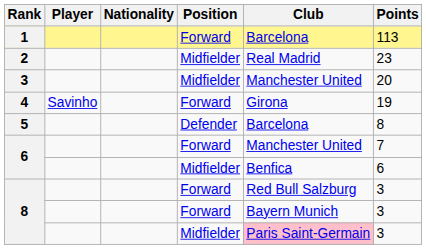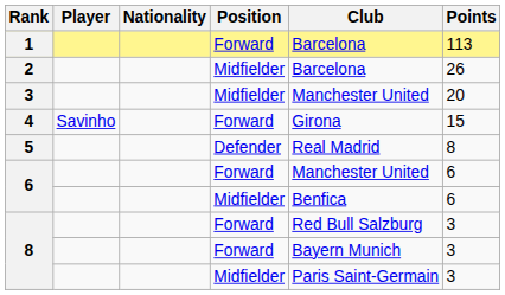 <table class="wikitable sortable">
 <tr>
 <th scope="col">Rank</th>
 <th scope="col">Player</th>
 <th scope="col">Nationality</th>
 <th scope="col">Position</th>
 <th scope="col">Club</th>
 <th scope="col">Points</th>
 </tr>
 <tr style="background-color:#FFF68F">
 <th scope="row">1</th>
 <td><strong></strong></td>
 <td></td>
 <td><a href='#'>Forward</a></td>
 <td> <a href='#'>Barcelona</a></td>
 <td>113</td>
 </tr>
 <tr>
 <th scope="row">2</th>
 <td></td>
 <td></td>
 <td><a href='#'>Midfielder</a></td>
-<td> <a href='#'>Real Madrid</a></td>
-<td>23</td>
+<td> <a href='#'>Barcelona</a></td>
+<td>26</td>
 </tr>
 <tr>
 <th scope="row">3</th>
 <td></td>
 <td></td>
 <td><a href='#'>Midfielder</a></td>
 <td> <a href='#'>Manchester United</a></td>
 <td>20</td>
 </tr>
 <tr>
 <th scope="row">4</th>
 <td><a href='#'>Savinho</a></td>
 <td></td>
 <td><a href='#'>Forward</a></td>
 <td> <a href='#'>Girona</a></td>
-<td>19</td>
+<td>15</td>
 </tr>
 <tr>
 <th scope="row">5</th>
 <td></td>
 <td></td>
 <td><a href='#'>Defender</a></td>
-<td> <a href='#'>Barcelona</a></td>
+<td> <a href='#'>Real Madrid</a></td>
 <td>8</td>
 </tr>
 <tr>
 <th scope="row" rowspan="2">6</th>
 <td></td>
 <td></td>
 <td><a href='#'>Forward</a></td>
 <td> <a href='#'>Manchester United</a></td>
-<td>7</td>
+<td>6</td>
 </tr>
 <tr>
 <td></td>
 <td></td>
 <td><a href='#'>Midfielder</a></td>
 <td> <a href='#'>Benfica</a></td>
 <td>6</td>
 </tr>
 <tr>
 <th scope="row" rowspan="3">8</th>
 <td></td>
 <td></td>
 <td><a href='#'>Forward</a></td>
 <td> <a href='#'>Red Bull Salzburg</a></td>
 <td>3</td>
 </tr>
 <tr>
 <td></td>
 <td></td>
 <td><a href='#'>Forward</a></td>
 <td> <a href='#'>Bayern Munich</a></td>
 <td>3</td>
 </tr>
 <tr>
 <td></td>
 <td></td>
 <td><a href='#'>Midfielder</a></td>
-<td style="background: pink;"> <a href='#'>Paris Saint-Germain</a></td>
+<td> <a href='#'>Paris Saint-Germain</a></td>
 <td>3</td>
 </tr>
 </table>
